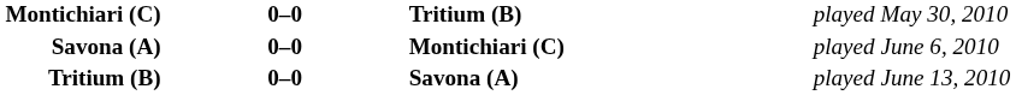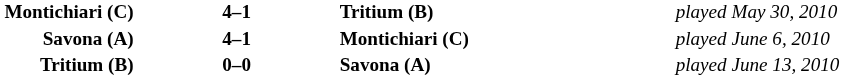 <table width="100%" cellspacing="1">
 <tr>
 <th width="20%"></th>
 <th width="12%"></th>
 <th width="20%"></th>
 <th width="20%'"></th>
 <th></th>
 </tr>
 <tr style="font-size:90%;">
 <td align="right"><strong>Montichiari (C)</strong></td>
-<td align="center"><strong>0–0</strong></td>
+<td align="center"><strong>4–1</strong></td>
 <td align="left"><strong>Tritium (B)</strong></td>
 <td align="left"><em>played May 30, 2010</em></td>
 </tr>
 <tr style="font-size:90%;">
 <td align="right"><strong>Savona (A)</strong></td>
-<td align="center"><strong>0–0</strong></td>
+<td align="center"><strong>4–1</strong></td>
 <td align="left"><strong>Montichiari (C)</strong></td>
 <td align="left"><em>played June 6, 2010</em></td>
 </tr>
 <tr style="font-size:90%;">
 <td align="right"><strong>Tritium (B)</strong></td>
 <td align="center"><strong>0–0</strong></td>
 <td align="left"><strong>Savona (A)</strong></td>
 <td align="left"><em>played June 13, 2010</em></td>
 </tr>
 </table>
